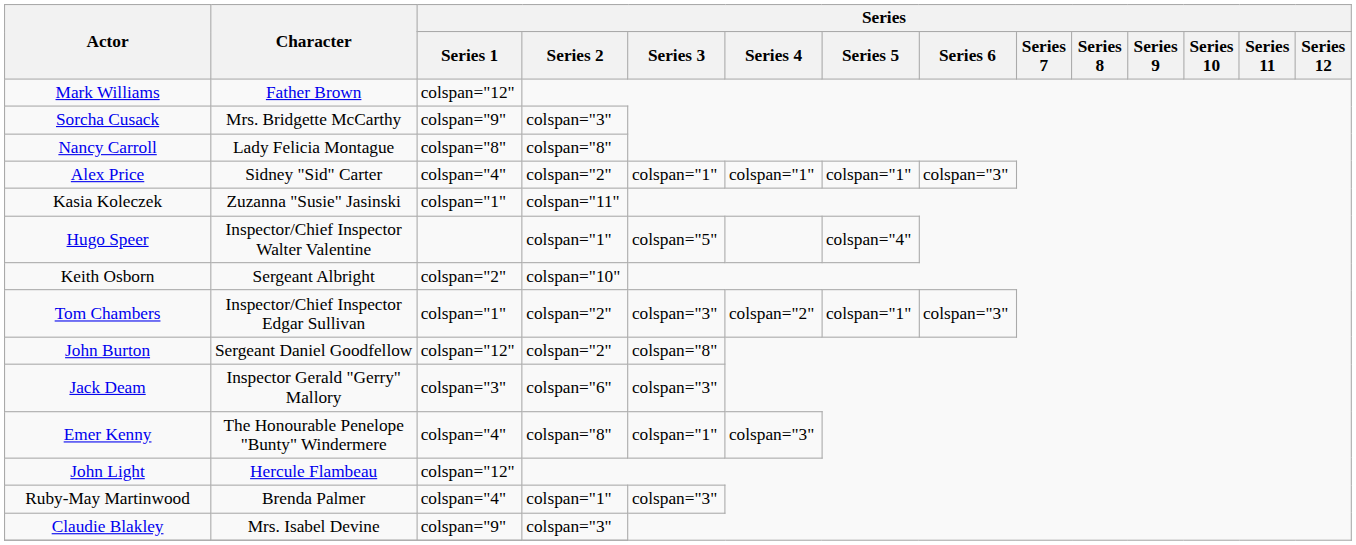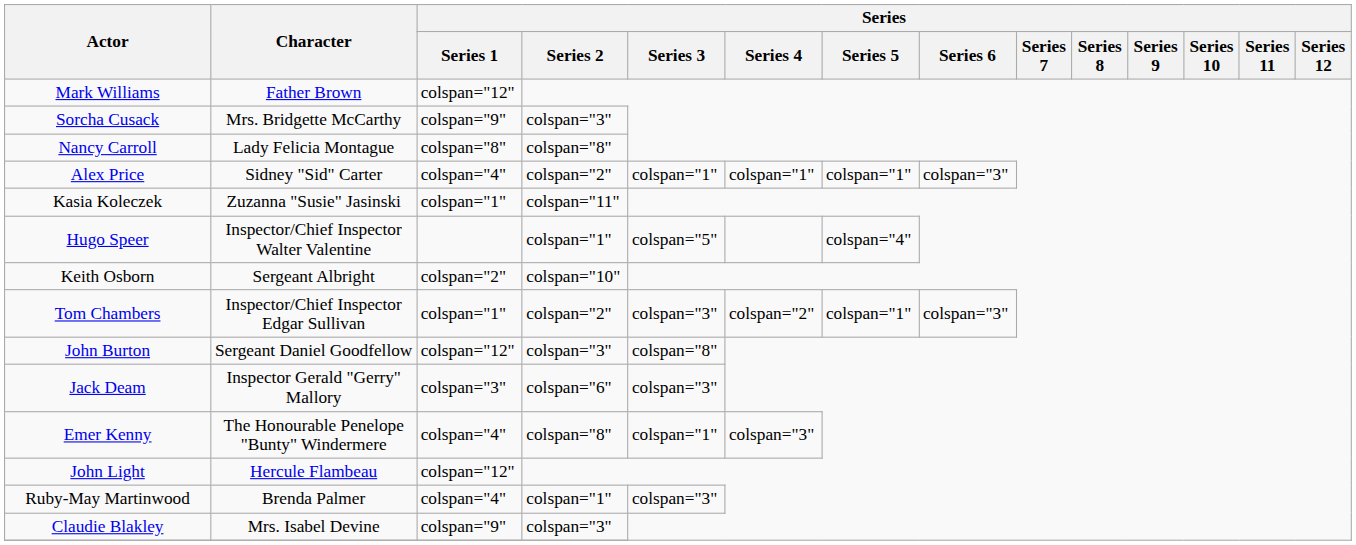 <table class="wikitable plainrowheaders">
 <tr>
 <th scope="col" rowspan="2" style="width:14%;">Actor</th>
 <th scope="col" rowspan="2" style="width:14%;">Character</th>
 <th scope="col" colspan="12">Series</th>
 </tr>
 <tr>
 <th scope="col" style="width:3%;">Series 1</th>
 <th scope="col" style="width:3%;">Series 2</th>
 <th scope="col" style="width:3%;">Series 3</th>
 <th scope="col" style="width:3%;">Series 4</th>
 <th scope="col" style="width:3%;">Series 5</th>
 <th scope="col" style="width:3%;">Series 6</th>
 <th scope="col" style="width:3%;">Series 7</th>
 <th scope="col" style="width:3%;">Series 8</th>
 <th scope="col" style="width:3%;">Series 9</th>
 <th scope="col" style="width:3%;">Series 10</th>
 <th scope="col" style="width:3%;">Series 11</th>
 <th scope="col" style="width:3%;">Series 12</th>
 </tr>
 <tr>
 <td style="text-align:center;"><a href='#'>Mark Williams</a></td>
 <td style="text-align:center;"><a href='#'>Father Brown</a></td>
 <td>colspan="12" </td>
 </tr>
 <tr>
 <td style="text-align:center;"><a href='#'>Sorcha Cusack</a></td>
 <td style="text-align:center;">Mrs. Bridgette McCarthy</td>
 <td>colspan="9" </td>
 <td>colspan="3" </td>
 </tr>
 <tr>
 <td style="text-align:center;"><a href='#'>Nancy Carroll</a></td>
 <td style="text-align:center;">Lady Felicia Montague</td>
 <td>colspan="8" </td>
 <td>colspan="8" </td>
 </tr>
 <tr>
 <td style="text-align:center;"><a href='#'>Alex Price</a></td>
 <td style="text-align:center;">Sidney "Sid" Carter</td>
 <td>colspan="4" </td>
 <td>colspan="2" </td>
 <td>colspan="1" </td>
 <td>colspan="1" </td>
 <td>colspan="1" </td>
 <td>colspan="3" </td>
 </tr>
 <tr>
 <td style="text-align:center;">Kasia Koleczek</td>
 <td style="text-align:center;">Zuzanna "Susie" Jasinski</td>
 <td>colspan="1" </td>
 <td>colspan="11" </td>
 </tr>
 <tr>
 <td style="text-align:center;"><a href='#'>Hugo Speer</a></td>
 <td style="text-align:center;">Inspector/Chief Inspector Walter Valentine</td>
 <td></td>
 <td>colspan="1" </td>
 <td>colspan="5" </td>
 <td></td>
 <td>colspan="4" </td>
 </tr>
 <tr>
 <td style="text-align:center;">Keith Osborn</td>
 <td style="text-align:center;">Sergeant Albright</td>
 <td>colspan="2" </td>
 <td>colspan="10" </td>
 </tr>
 <tr>
 <td style="text-align:center;"><a href='#'>Tom Chambers</a></td>
 <td style="text-align:center;">Inspector/Chief Inspector Edgar Sullivan</td>
 <td>colspan="1" </td>
 <td>colspan="2" </td>
 <td>colspan="3" </td>
 <td>colspan="2" </td>
 <td>colspan="1" </td>
 <td>colspan="3" </td>
 </tr>
 <tr>
 <td style="text-align:center;"><a href='#'>John Burton</a></td>
 <td style="text-align:center;">Sergeant Daniel Goodfellow</td>
 <td>colspan="12" </td>
-<td>colspan="2" </td>
+<td>colspan="3" </td>
 <td>colspan="8" </td>
 </tr>
 <tr>
 <td style="text-align:center;"><a href='#'>Jack Deam</a></td>
 <td style="text-align:center;">Inspector Gerald "Gerry" Mallory</td>
 <td>colspan="3" </td>
 <td>colspan="6" </td>
 <td>colspan="3" </td>
 </tr>
 <tr>
 <td style="text-align:center;"><a href='#'>Emer Kenny</a></td>
 <td style="text-align:center;">The Honourable Penelope "Bunty" Windermere</td>
 <td>colspan="4" </td>
 <td>colspan="8" </td>
 <td>colspan="1" </td>
 <td>colspan="3" </td>
 </tr>
 <tr>
 <td style="text-align:center;"><a href='#'>John Light</a></td>
 <td style="text-align:center;"><a href='#'>Hercule Flambeau</a></td>
 <td>colspan="12" </td>
 </tr>
 <tr>
 <td style="text-align:center;">Ruby-May Martinwood</td>
 <td style="text-align:center;">Brenda Palmer</td>
 <td>colspan="4" </td>
 <td>colspan="1" </td>
 <td>colspan="3" </td>
 </tr>
 <tr>
 <td style="text-align:center;"><a href='#'>Claudie Blakley</a></td>
 <td style="text-align:center;">Mrs. Isabel Devine</td>
 <td>colspan="9" </td>
 <td>colspan="3" </td>
 </tr>
 <tr>
 </tr>
 </table>
